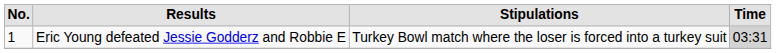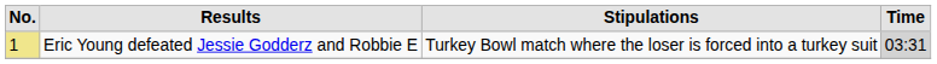 <table style="font-size: 100%; text-align: left;" class="wikitable">
 <tr>
 <th style="border-style: none none solid solid; background: #e3e3e3;"><strong>No.</strong></th>
 <th style="border-style: none none solid solid; background: #e3e3e3;"><strong>Results</strong></th>
 <th style="border-style: none none solid solid; background: #e3e3e3;"><strong>Stipulations</strong></th>
 <th style="border-style: none none solid solid; background: #e3e3e3;"><strong>Time</strong></th>
 </tr>
 <tr>
-<td>1</td>
+<td style="background: khaki;">1</td>
 <td>Eric Young defeated <a href='#'>Jessie Godderz</a> and Robbie E</td>
 <td>Turkey Bowl match where the loser is forced into a turkey suit</td>
 <td style="background: lightgrey;">03:31</td>
 </tr>
 <tr>
 </tr>
 </table>
